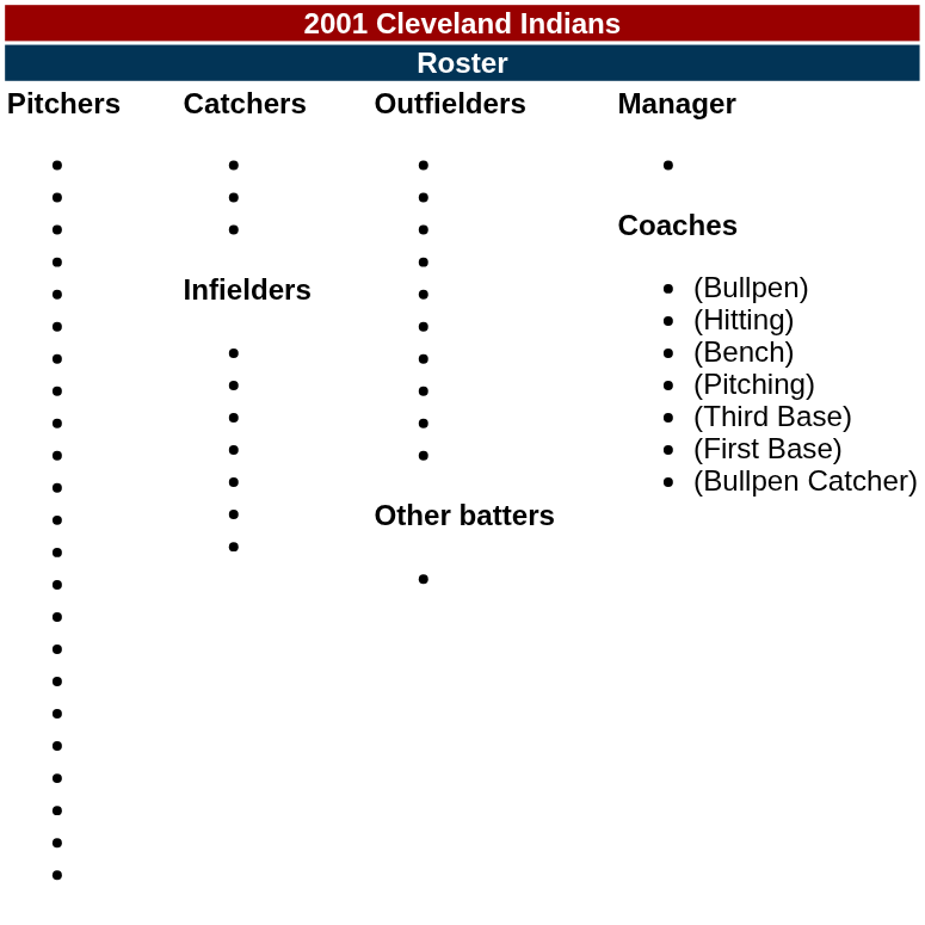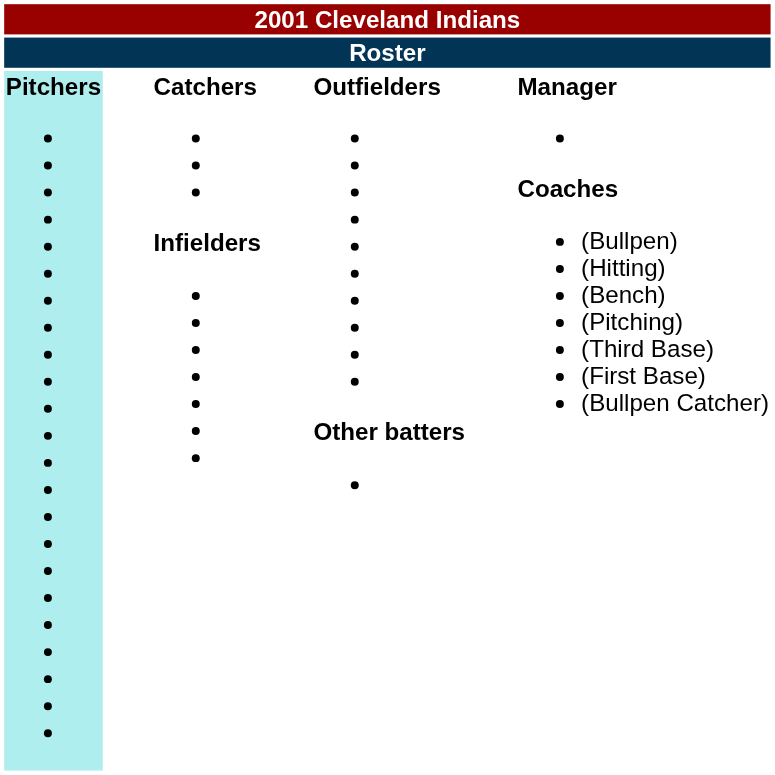 <table class="toccolours" style="font-size: 95%;">
 <tr>
 <th colspan="10" style="background:#900; color:white; text-align:center;">2001 Cleveland Indians</th>
 </tr>
 <tr>
 <td colspan="10" style="background:#023456; color:#fff; text-align:center;"><strong>Roster</strong></td>
 </tr>
 <tr>
-<td valign="top"><strong>Pitchers</strong><br><ul><li></li><li></li><li></li><li></li><li></li><li></li><li></li><li></li><li></li><li></li><li></li><li></li><li></li><li></li><li></li><li></li><li></li><li></li><li></li><li></li><li></li><li></li><li></li></ul></td>
+<td valign="top" style="background: paleturquoise;"><strong>Pitchers</strong><br><ul><li></li><li></li><li></li><li></li><li></li><li></li><li></li><li></li><li></li><li></li><li></li><li></li><li></li><li></li><li></li><li></li><li></li><li></li><li></li><li></li><li></li><li></li><li></li></ul></td>
 <td style="width:25px;"></td>
 <td valign="top"><strong>Catchers</strong><br><ul><li></li><li></li><li></li></ul><strong>Infielders</strong><ul><li></li><li></li><li></li><li></li><li></li><li></li><li></li></ul></td>
 <td style="width:25px;"></td>
 <td valign="top"><strong>Outfielders</strong><br><ul><li></li><li></li><li></li><li></li><li></li><li></li><li></li><li></li><li></li><li></li></ul><strong>Other batters</strong><ul><li></li></ul></td>
 <td style="width:25px;"></td>
 <td valign="top"><strong>Manager</strong><br><ul><li></li></ul><strong>Coaches</strong><ul><li> (Bullpen)</li><li> (Hitting)</li><li> (Bench)</li><li> (Pitching)</li><li> (Third Base)</li><li> (First Base)</li><li> (Bullpen Catcher)</li></ul></td>
 </tr>
 </table>
